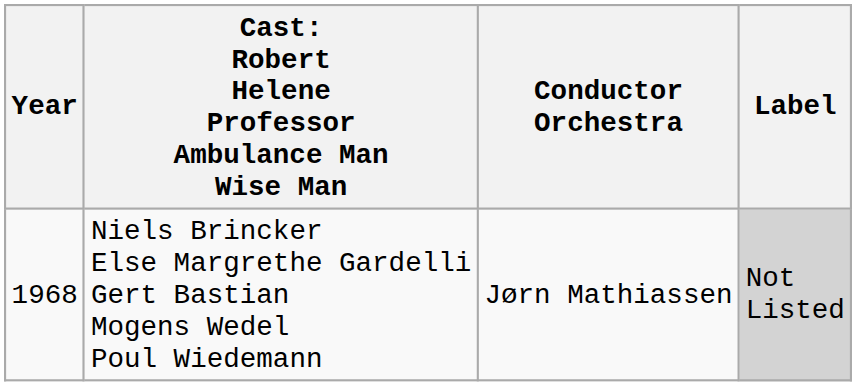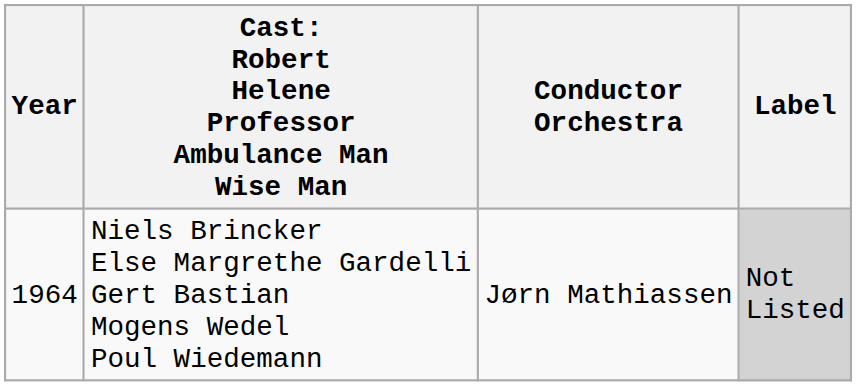 <table class="wikitable">
 <tr>
 <th>Year</th>
 <th>Cast:<br>Robert<br>Helene<br>Professor<br>Ambulance Man<br>Wise Man</th>
 <th>Conductor<br>Orchestra</th>
 <th>Label</th>
 </tr>
 <tr>
-<td>1968</td>
+<td>1964</td>
 <td>Niels Brincker<br>Else Margrethe Gardelli<br>Gert Bastian<br>Mogens Wedel<br>Poul Wiedemann</td>
 <td>Jørn Mathiassen</td>
 <td style="background: lightgrey;">Not<br>Listed</td>
 </tr>
 </table>
